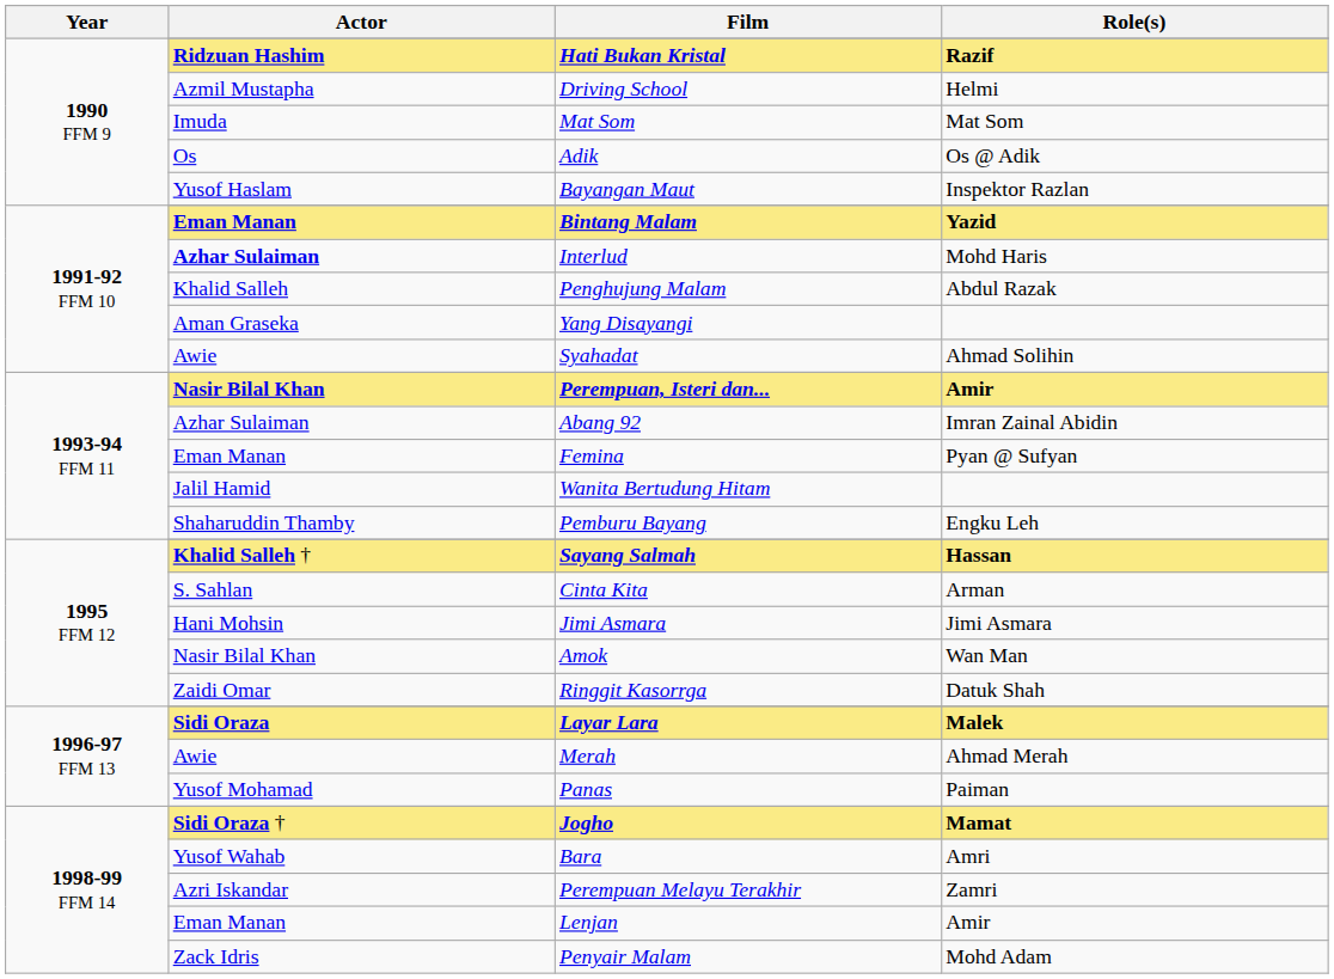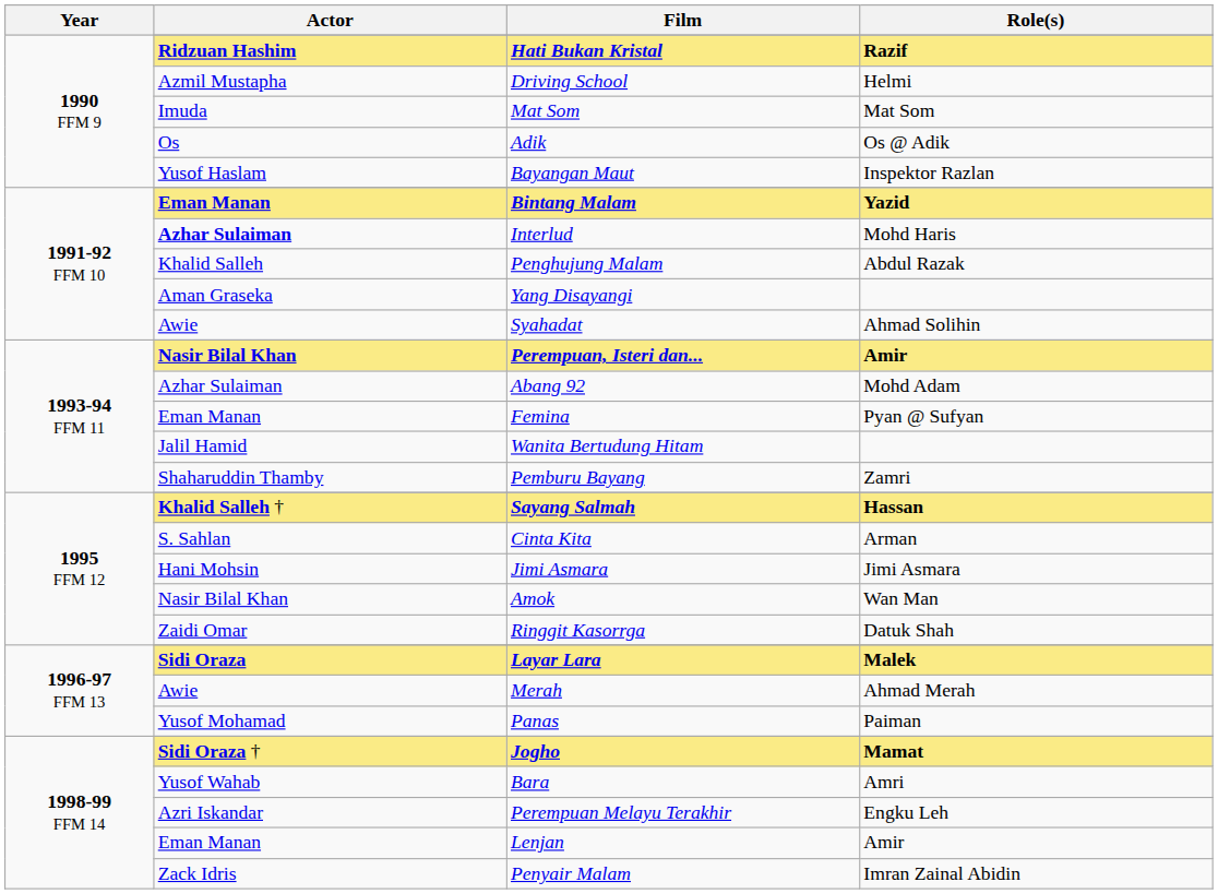 <table class="wikitable">
 <tr style="background:#bebebe;">
 <th style="width:8%;">Year</th>
 <th style="width:19%;">Actor</th>
 <th style="width:19%;">Film</th>
 <th style="width:19%;">Role(s)</th>
 </tr>
 <tr>
 <td rowspan=6 style="text-align:center"><strong>1990</strong><br><small>FFM 9</small></td>
 </tr>
 <tr style="background:#FAEB86">
 <td><strong><a href='#'>Ridzuan Hashim</a></strong></td>
 <td><strong><em><a href='#'>Hati Bukan Kristal</a></em></strong></td>
 <td><strong>Razif </strong></td>
 </tr>
 <tr>
 <td><a href='#'>Azmil Mustapha</a></td>
 <td><em><a href='#'>Driving School</a></em></td>
 <td>Helmi</td>
 </tr>
 <tr>
 <td><a href='#'>Imuda</a></td>
 <td><em><a href='#'>Mat Som</a></em></td>
 <td>Mat Som</td>
 </tr>
 <tr>
 <td><a href='#'>Os</a></td>
 <td><em><a href='#'>Adik</a></em></td>
 <td>Os @ Adik</td>
 </tr>
 <tr>
 <td><a href='#'>Yusof Haslam</a></td>
 <td><em><a href='#'>Bayangan Maut</a></em></td>
 <td>Inspektor Razlan</td>
 </tr>
 <tr>
 <td rowspan=6 style="text-align:center"><strong>1991-92</strong><br><small>FFM 10</small></td>
 </tr>
 <tr style="background:#FAEB86">
 <td><strong><a href='#'>Eman Manan</a></strong></td>
 <td><strong><em><a href='#'>Bintang Malam</a></em></strong></td>
 <td><strong>Yazid </strong></td>
 </tr>
 <tr>
 <td><strong><a href='#'>Azhar Sulaiman</a></strong></td>
 <td><em><a href='#'>Interlud</a></em></td>
 <td>Mohd Haris</td>
 </tr>
 <tr>
 <td><a href='#'>Khalid Salleh</a></td>
 <td><em><a href='#'>Penghujung Malam</a></em></td>
 <td>Abdul Razak</td>
 </tr>
 <tr>
 <td><a href='#'>Aman Graseka</a></td>
 <td><em><a href='#'>Yang Disayangi</a></em></td>
 <td></td>
 </tr>
 <tr>
 <td><a href='#'>Awie</a></td>
 <td><em><a href='#'>Syahadat</a></em></td>
 <td>Ahmad Solihin</td>
 </tr>
 <tr>
 <td rowspan=6 style="text-align:center"><strong>1993-94</strong><br><small>FFM 11</small></td>
 </tr>
 <tr style="background:#FAEB86">
 <td><strong><a href='#'>Nasir Bilal Khan</a></strong></td>
 <td><strong><em><a href='#'>Perempuan, Isteri dan...</a></em></strong></td>
 <td><strong>Amir </strong></td>
 </tr>
 <tr>
 <td><a href='#'>Azhar Sulaiman</a></td>
 <td><em><a href='#'>Abang 92</a></em></td>
-<td>Imran Zainal Abidin</td>
+<td>Mohd Adam</td>
 </tr>
 <tr>
 <td><a href='#'>Eman Manan</a></td>
 <td><em><a href='#'>Femina</a></em></td>
 <td>Pyan @ Sufyan</td>
 </tr>
 <tr>
 <td><a href='#'>Jalil Hamid</a></td>
 <td><em><a href='#'>Wanita Bertudung Hitam</a></em></td>
 <td></td>
 </tr>
 <tr>
 <td><a href='#'>Shaharuddin Thamby</a></td>
 <td><em><a href='#'>Pemburu Bayang</a></em></td>
-<td>Engku Leh</td>
+<td>Zamri</td>
 </tr>
 <tr>
 <td rowspan=6 style="text-align:center"><strong>1995</strong><br><small>FFM 12</small></td>
 </tr>
 <tr style="background:#FAEB86">
 <td><strong><a href='#'>Khalid Salleh</a></strong> †</td>
 <td><strong><em><a href='#'>Sayang Salmah</a></em></strong></td>
 <td><strong>Hassan </strong></td>
 </tr>
 <tr>
 <td><a href='#'>S. Sahlan</a></td>
 <td><em><a href='#'>Cinta Kita</a></em></td>
 <td>Arman</td>
 </tr>
 <tr>
 <td><a href='#'>Hani Mohsin</a></td>
 <td><em><a href='#'>Jimi Asmara</a></em></td>
 <td>Jimi Asmara</td>
 </tr>
 <tr>
 <td><a href='#'>Nasir Bilal Khan</a></td>
 <td><em><a href='#'>Amok</a></em></td>
 <td>Wan Man</td>
 </tr>
 <tr>
 <td><a href='#'>Zaidi Omar</a></td>
 <td><em><a href='#'>Ringgit Kasorrga</a></em></td>
 <td>Datuk Shah</td>
 </tr>
 <tr>
 <td rowspan=4 style="text-align:center"><strong>1996-97</strong><br><small>FFM 13</small></td>
 </tr>
 <tr style="background:#FAEB86">
 <td><strong><a href='#'>Sidi Oraza</a></strong></td>
 <td><strong><em><a href='#'>Layar Lara</a></em></strong></td>
 <td><strong>Malek</strong></td>
 </tr>
 <tr>
 <td><a href='#'>Awie</a></td>
 <td><em><a href='#'>Merah</a></em></td>
 <td>Ahmad Merah</td>
 </tr>
 <tr>
 <td><a href='#'>Yusof Mohamad</a></td>
 <td><em><a href='#'>Panas</a></em></td>
 <td>Paiman</td>
 </tr>
 <tr>
 <td rowspan=6 style="text-align:center"><strong>1998-99</strong><br><small>FFM 14</small></td>
 </tr>
 <tr style="background:#FAEB86">
 <td><strong><a href='#'>Sidi Oraza</a></strong> †</td>
 <td><strong><em><a href='#'>Jogho</a></em></strong></td>
 <td><strong>Mamat </strong></td>
 </tr>
 <tr>
 <td><a href='#'>Yusof Wahab</a></td>
 <td><em><a href='#'>Bara</a></em></td>
 <td>Amri</td>
 </tr>
 <tr>
 <td><a href='#'>Azri Iskandar</a></td>
 <td><em><a href='#'>Perempuan Melayu Terakhir</a></em></td>
-<td>Zamri</td>
+<td>Engku Leh</td>
 </tr>
 <tr>
 <td><a href='#'>Eman Manan</a></td>
 <td><em><a href='#'>Lenjan</a></em></td>
 <td>Amir</td>
 </tr>
 <tr>
 <td><a href='#'>Zack Idris</a></td>
 <td><em><a href='#'>Penyair Malam</a></em></td>
-<td>Mohd Adam</td>
+<td>Imran Zainal Abidin</td>
 </tr>
 </table>
